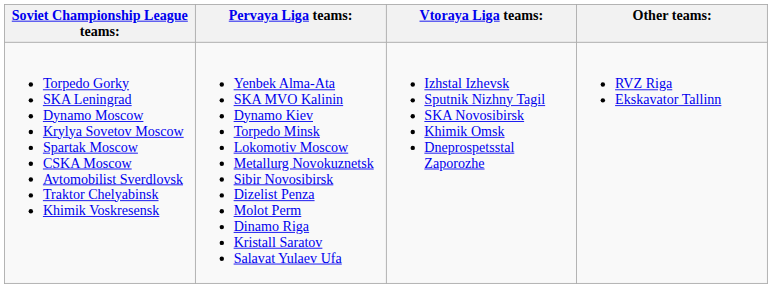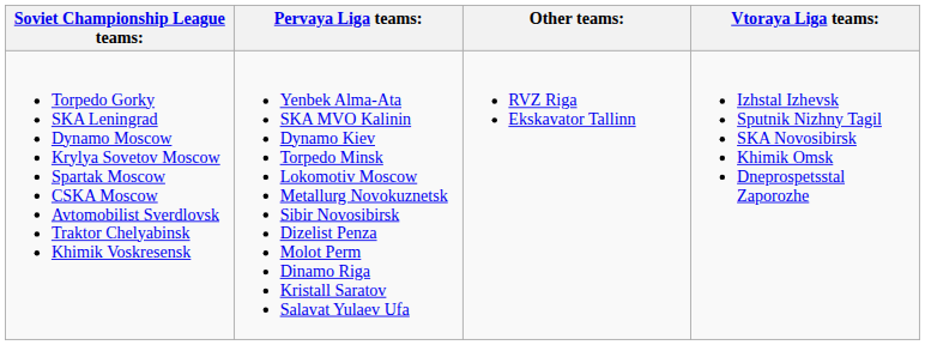 <table class="wikitable">
 <tr valign="top" bgcolor="#e0e0e0">
 <th align="center" width="25%"><a href='#'>Soviet Championship League</a> teams:</th>
 <th align="center" width="25%"><a href='#'>Pervaya Liga</a> teams:</th>
+<th align="center" width="25%">Other teams:</th>
 <th align="center" width="25%"><a href='#'>Vtoraya Liga</a> teams:</th>
-<th align="center" width="25%">Other teams:</th>
 </tr>
 <tr valign="top">
 <td><br><ul><li><a href='#'>Torpedo Gorky</a></li><li><a href='#'>SKA Leningrad</a></li><li><a href='#'>Dynamo Moscow</a></li><li><a href='#'>Krylya Sovetov Moscow</a></li><li><a href='#'>Spartak Moscow</a></li><li><a href='#'>CSKA Moscow</a></li><li><a href='#'>Avtomobilist Sverdlovsk</a></li><li><a href='#'>Traktor Chelyabinsk</a></li><li><a href='#'>Khimik Voskresensk</a></li></ul></td>
 <td><br><ul><li><a href='#'>Yenbek Alma-Ata</a></li><li><a href='#'>SKA MVO Kalinin</a></li><li><a href='#'>Dynamo Kiev</a></li><li><a href='#'>Torpedo Minsk</a></li><li><a href='#'>Lokomotiv Moscow</a></li><li><a href='#'>Metallurg Novokuznetsk</a></li><li><a href='#'>Sibir Novosibirsk</a></li><li><a href='#'>Dizelist Penza</a></li><li><a href='#'>Molot Perm</a></li><li><a href='#'>Dinamo Riga</a></li><li><a href='#'>Kristall Saratov</a></li><li><a href='#'>Salavat Yulaev Ufa</a></li></ul></td>
+<td><br><ul><li><a href='#'>RVZ Riga</a></li><li><a href='#'>Ekskavator Tallinn</a></li></ul></td>
 <td><br><ul><li><a href='#'>Izhstal Izhevsk</a></li><li><a href='#'>Sputnik Nizhny Tagil</a></li><li><a href='#'>SKA Novosibirsk</a></li><li><a href='#'>Khimik Omsk</a></li><li><a href='#'>Dneprospetsstal Zaporozhe</a></li></ul></td>
-<td><br><ul><li><a href='#'>RVZ Riga</a></li><li><a href='#'>Ekskavator Tallinn</a></li></ul></td>
 </tr>
 </table>
